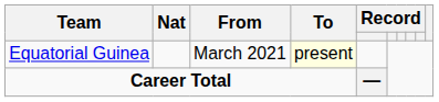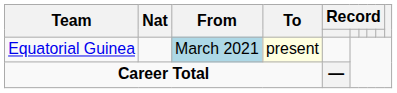 <table class="wikitable" style="text-align: center">
 <tr>
 <th rowspan="2">Team</th>
 <th rowspan="2">Nat</th>
 <th rowspan="2">From</th>
 <th rowspan="2">To</th>
 <th colspan="5">Record</th>
 <th rowspan=2></th>
 </tr>
 <tr>
 <th></th>
 <th></th>
 <th></th>
 <th></th>
 <th></th>
 </tr>
 <tr>
 <td align="left"><a href='#'>Equatorial Guinea</a></td>
 <td align="center"></td>
-<td align="center">March 2021</td>
+<td align="center" style="background: lightblue;">March 2021</td>
 <td align="center" style="background: lightyellow;">present<br></td>
 <td></td>
 </tr>
 <tr>
 <td colspan=4><strong>Career Total</strong><br></td>
 <th>—</th>
 </tr>
 </table>
